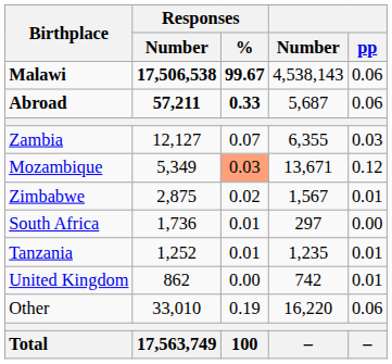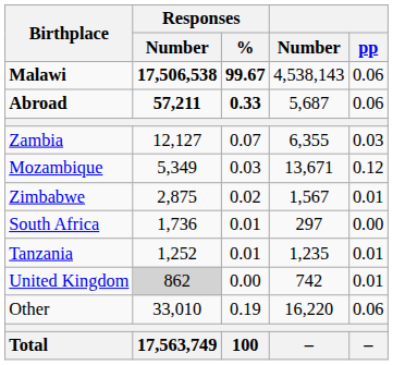 <table class="wikitable" style="text-align:center; font-size:100%;">
 <tr>
 <th rowspan=2>Birthplace</th>
 <th colspan=2>Responses</th>
 <th colspan=2></th>
 </tr>
 <tr>
 <th>Number</th>
 <th>%</th>
 <th>Number</th>
 <th><a href='#'>pp</a></th>
 </tr>
 <tr>
 <td style="text-align:left;"><strong>Malawi</strong></td>
 <td><strong>17,506,538</strong></td>
 <td><strong>99.67</strong></td>
 <td><strong></strong> 4,538,143</td>
 <td><strong></strong> 0.06</td>
 </tr>
 <tr>
 <td style="text-align:left;"><strong>Abroad</strong></td>
 <td><strong>57,211</strong></td>
 <td><strong>0.33</strong></td>
 <td><strong></strong> 5,687</td>
 <td><strong></strong> 0.06</td>
 </tr>
 <tr>
 <th colspan=5></th>
 </tr>
 <tr>
 <td style="text-align:left;"><a href='#'>Zambia</a></td>
 <td>12,127</td>
 <td>0.07</td>
 <td> 6,355</td>
 <td> 0.03</td>
 </tr>
 <tr>
 <td style="text-align:left;"><a href='#'>Mozambique</a></td>
 <td>5,349</td>
-<td style="background: lightsalmon;">0.03</td>
+<td>0.03</td>
 <td> 13,671</td>
 <td> 0.12</td>
 </tr>
 <tr>
 <td style="text-align:left;"><a href='#'>Zimbabwe</a></td>
 <td>2,875</td>
 <td>0.02</td>
 <td> 1,567</td>
 <td> 0.01</td>
 </tr>
 <tr>
 <td style="text-align:left;"><a href='#'>South Africa</a></td>
 <td>1,736</td>
 <td>0.01</td>
 <td> 297</td>
 <td> 0.00</td>
 </tr>
 <tr>
 <td style="text-align:left;"><a href='#'>Tanzania</a></td>
 <td>1,252</td>
 <td>0.01</td>
 <td> 1,235</td>
 <td> 0.01</td>
 </tr>
 <tr>
 <td style="text-align:left;"><a href='#'>United Kingdom</a></td>
-<td>862</td>
+<td style="background: lightgrey;">862</td>
 <td>0.00</td>
 <td> 742</td>
 <td> 0.01</td>
 </tr>
 <tr>
 <td style="text-align:left;">Other</td>
 <td>33,010</td>
 <td>0.19</td>
 <td> 16,220</td>
 <td> 0.06</td>
 </tr>
 <tr>
 <th colspan=5></th>
 </tr>
 <tr>
 <th style="text-align:left;">Total</th>
 <th>17,563,749</th>
 <th>100</th>
 <th>–</th>
 <th>–</th>
 </tr>
 </table>
